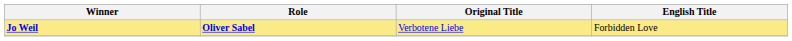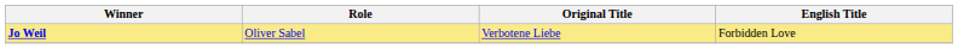 <table class="wikitable" width="100%">
 <tr bgcolor="#bebebe">
 <th width="25%">Winner</th>
 <th width="25%">Role</th>
 <th width="25%">Original Title</th>
 <th width="25%">English Title</th>
 </tr>
 <tr style="background:#FAEB86">
 <td><strong><a href='#'>Jo Weil</a></strong></td>
-<td><strong><a href='#'>Oliver Sabel</a></strong></td>
+<td><a href='#'>Oliver Sabel</a></td>
 <td><a href='#'>Verbotene Liebe</a></td>
 <td>Forbidden Love</td>
 </tr>
 <tr>
 </tr>
 </table>
